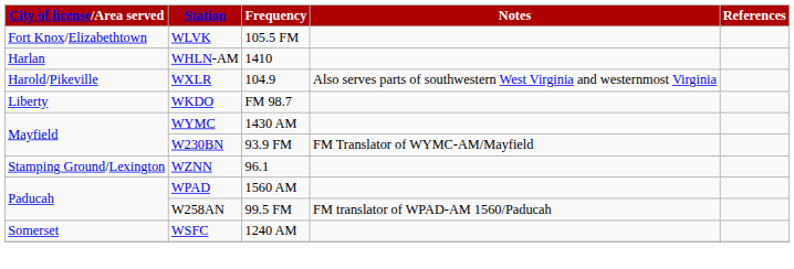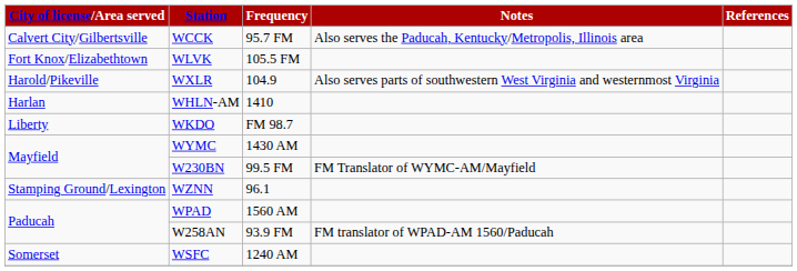 <table class="wikitable">
 <tr>
 <th style="background:#AD0000; color:#FFFFFF; "><a href='#'>City of license</a>/Area served</th>
 <th style="background:#AD0000; color:#FFFFFF; "><a href='#'>Station</a></th>
 <th style="background:#AD0000; color:#FFFFFF; ">Frequency</th>
 <th style="background:#AD0000; color:#FFFFFF; ">Notes</th>
 <th style="background:#AD0000; color:#FFFFFF; ">References</th>
 </tr>
 <tr>
+<td><a href='#'>Calvert City</a>/<a href='#'>Gilbertsville</a></td>
+<td><a href='#'>WCCK</a></td>
+<td>95.7 FM</td>
+<td>Also serves the <a href='#'>Paducah, Kentucky</a>/<a href='#'>Metropolis, Illinois</a> area</td>
+<td></td>
+</tr>
+<tr>
 <td><a href='#'>Fort Knox</a>/<a href='#'>Elizabethtown</a></td>
 <td><a href='#'>WLVK</a></td>
 <td>105.5 FM</td>
-<td></td>
-<td></td>
-</tr>
-<tr>
-<td><a href='#'>Harlan</a></td>
-<td><a href='#'>WHLN</a>-AM</td>
-<td>1410</td>
 <td></td>
 <td></td>
 </tr>
 <tr>
 <td><a href='#'>Harold</a>/<a href='#'>Pikeville</a></td>
 <td><a href='#'>WXLR</a></td>
 <td>104.9</td>
 <td>Also serves parts of southwestern <a href='#'>West Virginia</a> and westernmost <a href='#'>Virginia</a></td>
+<td></td>
+</tr>
+<tr>
+<td><a href='#'>Harlan</a></td>
+<td><a href='#'>WHLN</a>-AM</td>
+<td>1410</td>
+<td></td>
 <td></td>
 </tr>
 <tr>
 <td><a href='#'>Liberty</a></td>
 <td><a href='#'>WKDO</a></td>
 <td>FM 98.7</td>
 <td></td>
 </tr>
 <tr>
 <td rowspan=2><a href='#'>Mayfield</a></td>
 <td><a href='#'>WYMC</a></td>
 <td>1430 AM</td>
 <td></td>
 <td></td>
 </tr>
 <tr>
 <td><a href='#'>W230BN</a></td>
-<td>93.9 FM</td>
+<td>99.5 FM</td>
 <td>FM Translator of WYMC-AM/Mayfield</td>
 <td></td>
 </tr>
 <tr>
 <td><a href='#'>Stamping Ground</a>/<a href='#'>Lexington</a></td>
 <td><a href='#'>WZNN</a></td>
 <td>96.1</td>
 <td></td>
 <td></td>
 </tr>
 <tr>
 <td rowspan=2><a href='#'>Paducah</a></td>
 <td><a href='#'>WPAD</a></td>
 <td>1560 AM</td>
 <td></td>
 <td></td>
 </tr>
 <tr>
 <td>W258AN</td>
-<td>99.5 FM</td>
+<td>93.9 FM</td>
 <td>FM translator of WPAD-AM 1560/Paducah</td>
 <td></td>
 </tr>
 <tr>
 <td><a href='#'>Somerset</a></td>
 <td><a href='#'>WSFC</a></td>
 <td>1240 AM</td>
 <td></td>
 <td></td>
 </tr>
 <tr>
 </tr>
 </table>
